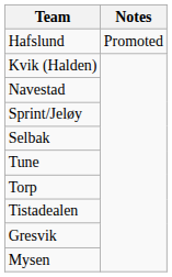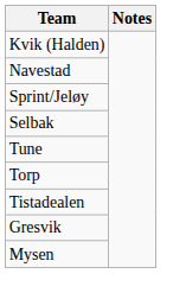 <table class="wikitable">
 <tr>
 <th>Team</th>
 <th>Notes</th>
-</tr>
-<tr>
-<td>Hafslund</td>
-<td>Promoted</td>
 </tr>
 <tr>
 <td>Kvik (Halden)</td>
 </tr>
 <tr>
 <td>Navestad</td>
 </tr>
 <tr>
 <td>Sprint/Jeløy</td>
 </tr>
 <tr>
 <td>Selbak</td>
 </tr>
 <tr>
 <td>Tune</td>
 </tr>
 <tr>
 <td>Torp</td>
 </tr>
 <tr>
 <td>Tistadealen</td>
 </tr>
 <tr>
 <td>Gresvik</td>
 </tr>
 <tr>
 <td>Mysen</td>
 </tr>
 </table>
